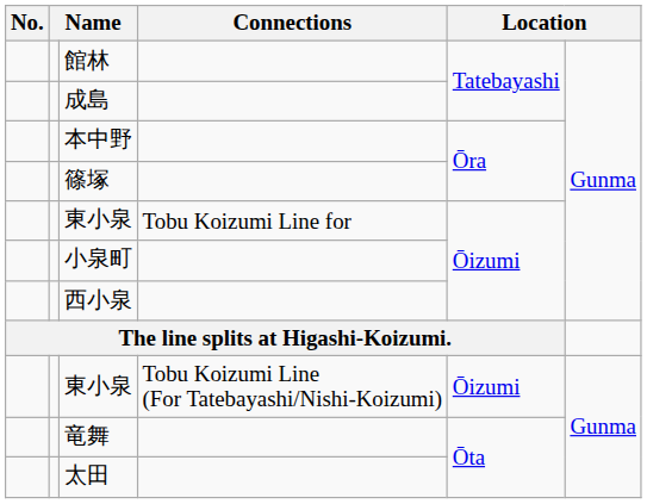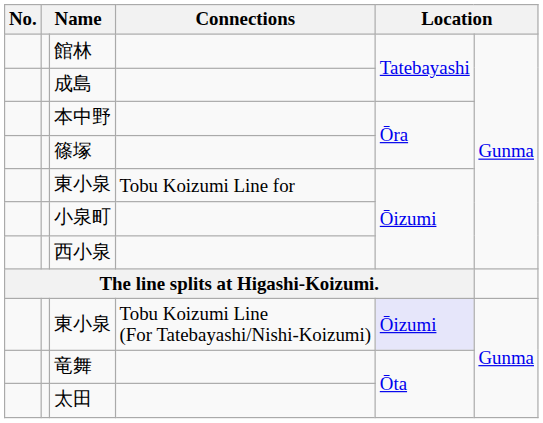 <table class=wikitable>
 <tr>
 <th>No.</th>
 <th colspan=2>Name</th>
 <th align="center">Connections</th>
 <th align="center" colspan=2>Location</th>
 </tr>
 <tr>
 <td style="text-align: left"></td>
 <td></td>
 <td>館林</td>
 <td></td>
 <td rowspan=2><a href='#'>Tatebayashi</a></td>
 <td rowspan=7><a href='#'>Gunma</a></td>
 </tr>
 <tr>
 <td style="text-align: left"></td>
 <td></td>
 <td>成島</td>
 <td></td>
 </tr>
 <tr>
 <td style="text-align: left"></td>
 <td></td>
 <td>本中野</td>
 <td></td>
 <td rowspan=2><a href='#'>Ōra</a></td>
 </tr>
 <tr>
 <td style="text-align: left"></td>
 <td></td>
 <td>篠塚</td>
 <td></td>
 </tr>
 <tr>
 <td style="text-align: left"></td>
 <td></td>
 <td>東小泉</td>
 <td> Tobu Koizumi Line for </td>
 <td rowspan=3><a href='#'>Ōizumi</a></td>
 </tr>
 <tr>
 <td style="text-align: left"></td>
 <td></td>
 <td>小泉町</td>
 <td></td>
 </tr>
 <tr>
 <td style="text-align: left"></td>
 <td></td>
 <td>西小泉</td>
 <td></td>
 </tr>
 <tr>
 <th colspan="5">The line splits at Higashi-Koizumi.</th>
 </tr>
 <tr>
 <td style="text-align: left"></td>
 <td></td>
 <td>東小泉</td>
 <td> Tobu Koizumi Line<br>(For Tatebayashi/Nishi-Koizumi)</td>
-<td rowspan=1><a href='#'>Ōizumi</a></td>
+<td rowspan=1 style="background: lavender;"><a href='#'>Ōizumi</a></td>
 <td rowspan=3><a href='#'>Gunma</a></td>
 </tr>
 <tr>
 <td style="text-align: left"></td>
 <td></td>
 <td>竜舞</td>
 <td></td>
 <td rowspan=2><a href='#'>Ōta</a></td>
 </tr>
 <tr>
 <td style="text-align: left"></td>
 <td></td>
 <td>太田</td>
 <td></td>
 </tr>
 </table>
